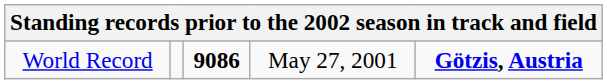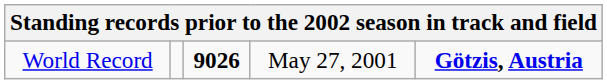 <table class="wikitable" style=" text-align:center;">
 <tr>
 <th colspan="5">Standing records prior to the 2002 season in track and field</th>
 </tr>
 <tr>
 <td><a href='#'>World Record</a></td>
 <td></td>
-<td><strong>9086</strong></td>
+<td><strong>9026</strong></td>
 <td>May 27, 2001</td>
 <td><strong> <a href='#'>Götzis</a>, <a href='#'>Austria</a></strong></td>
 </tr>
 </table>
